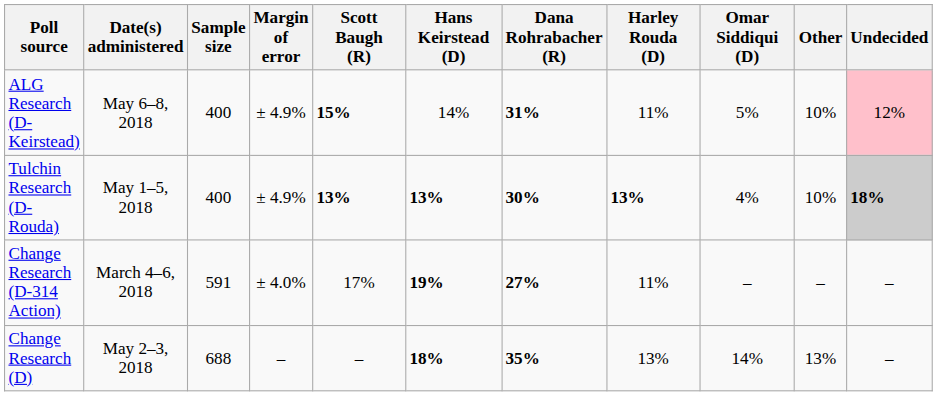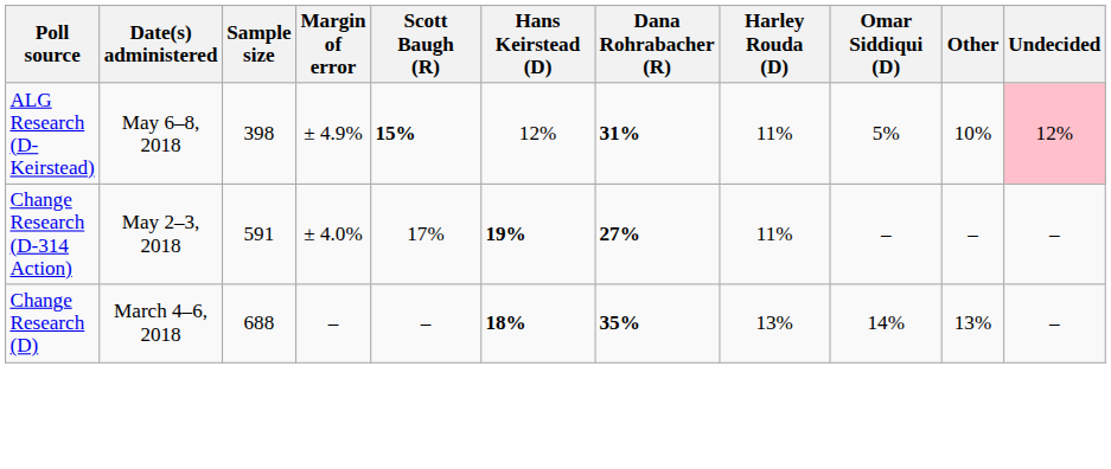 <table class="wikitable">
 <tr>
 <th>Poll source</th>
 <th>Date(s)<br>administered</th>
 <th>Sample<br>size</th>
 <th>Margin<br>of error</th>
 <th style="width:85px">Scott<br>Baugh<br>(R)</th>
 <th style="width:85px">Hans<br>Keirstead<br>(D)</th>
 <th style="width:85px">Dana<br>Rohrabacher<br>(R)</th>
 <th style="width:85px">Harley<br>Rouda<br>(D)</th>
 <th style="width:85px">Omar<br>Siddiqui<br>(D)</th>
 <th>Other</th>
 <th>Undecided</th>
 </tr>
 <tr>
 <td><a href='#'>ALG Research (D-Keirstead)</a></td>
 <td style="text-align:center">May 6–8, 2018</td>
-<td style="text-align:center">400</td>
+<td style="text-align:center">398</td>
 <td style="text-align:center">± 4.9%</td>
 <td style="background-color:"><strong>15%</strong></td>
-<td style="text-align:center">14%</td>
+<td style="text-align:center">12%</td>
 <td style="background-color:"><strong>31%</strong></td>
 <td style="text-align:center">11%</td>
 <td style="text-align:center">5%</td>
 <td style="text-align:center">10%</td>
 <td style="background: pink; text-align:center">12%</td>
 </tr>
 <tr>
-<td><a href='#'>Tulchin Research (D-Rouda)</a></td>
-<td style="text-align:center">May 1–5, 2018</td>
-<td style="text-align:center">400</td>
-<td style="text-align:center">± 4.9%</td>
-<td style="background-color:"><strong>13%</strong></td>
-<td style="background-color:"><strong>13%</strong></td>
-<td style="background-color:"><strong>30%</strong></td>
-<td style="background-color:"><strong>13%</strong></td>
-<td style="text-align:center">4%</td>
-<td style="text-align:center">10%</td>
-<td style="background:#cccccc" style="text-align:center"><strong>18%</strong></td>
-</tr>
-<tr>
 <td><a href='#'>Change Research (D-314 Action)</a></td>
-<td style="text-align:center">March 4–6, 2018</td>
+<td style="text-align:center">May 2–3, 2018</td>
 <td style="text-align:center">591</td>
 <td style="text-align:center">± 4.0%</td>
 <td style="text-align:center">17%</td>
 <td style="background-color:"><strong>19%</strong></td>
 <td style="background-color:"><strong>27%</strong></td>
 <td style="text-align:center">11%</td>
 <td style="text-align:center">–</td>
 <td style="text-align:center">–</td>
 <td style="text-align:center">–</td>
 </tr>
 <tr>
 <td><a href='#'>Change Research (D)</a></td>
-<td style="text-align:center">May 2–3, 2018</td>
+<td style="text-align:center">March 4–6, 2018</td>
 <td style="text-align:center">688</td>
 <td style="text-align:center">–</td>
 <td style="text-align:center">–</td>
 <td style="background-color:"><strong>18%</strong></td>
 <td style="background-color:"><strong>35%</strong></td>
 <td style="text-align:center">13%</td>
 <td style="text-align:center">14%</td>
 <td style="text-align:center">13%</td>
 <td style="text-align:center">–</td>
 </tr>
 </table>
